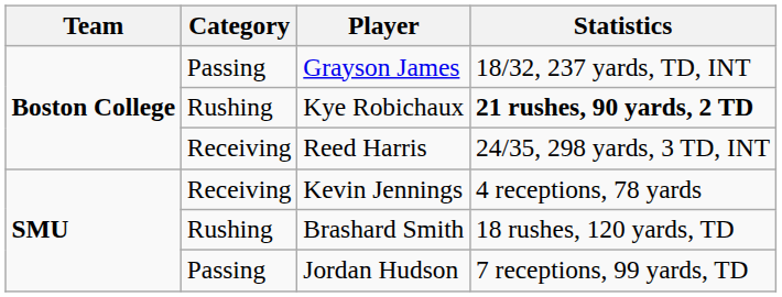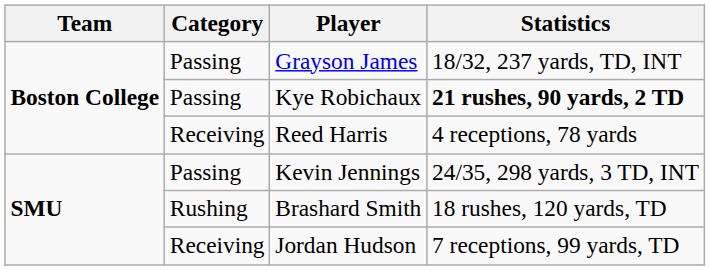 <table class="wikitable" style="float: right;">
 <tr>
 <th>Team</th>
 <th>Category</th>
 <th>Player</th>
 <th>Statistics</th>
 </tr>
 <tr>
 <td rowspan=3><strong>Boston College</strong></td>
 <td>Passing</td>
 <td><a href='#'>Grayson James</a></td>
 <td>18/32, 237 yards, TD, INT</td>
 </tr>
 <tr>
-<td>Rushing</td>
+<td>Passing</td>
 <td>Kye Robichaux</td>
 <td><strong>21 rushes, 90 yards, 2 TD</strong></td>
 </tr>
 <tr>
 <td>Receiving</td>
 <td>Reed Harris</td>
-<td>24/35, 298 yards, 3 TD, INT</td>
+<td>4 receptions, 78 yards</td>
 </tr>
 <tr>
 <td rowspan=3><strong>SMU</strong></td>
-<td>Receiving</td>
+<td>Passing</td>
 <td>Kevin Jennings</td>
-<td>4 receptions, 78 yards</td>
+<td>24/35, 298 yards, 3 TD, INT</td>
 </tr>
 <tr>
 <td>Rushing</td>
 <td>Brashard Smith</td>
 <td>18 rushes, 120 yards, TD</td>
 </tr>
 <tr>
-<td>Passing</td>
+<td>Receiving</td>
 <td>Jordan Hudson</td>
 <td>7 receptions, 99 yards, TD</td>
 </tr>
 </table>
